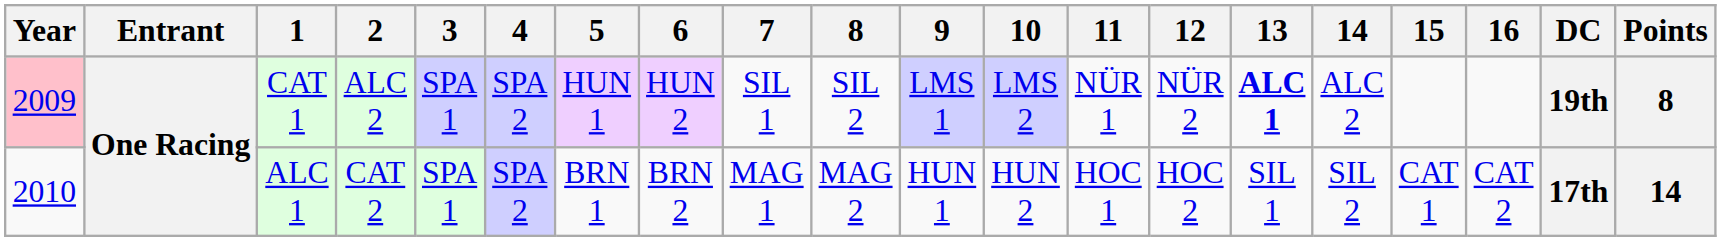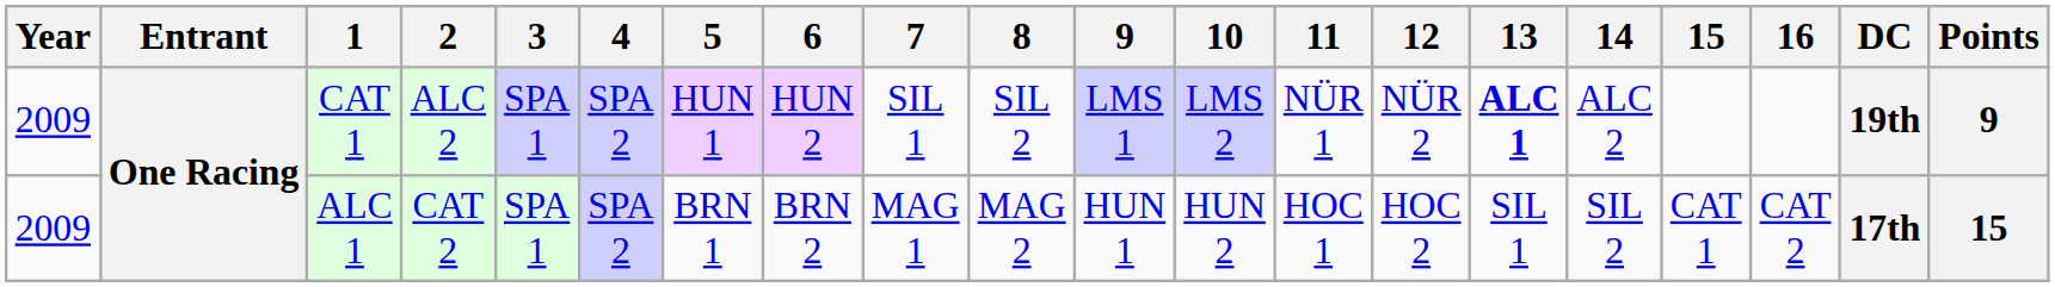 <table class="wikitable" style="text-align:center; font-size:85%">
 <tr>
 <th>Year</th>
 <th>Entrant</th>
 <th>1</th>
 <th>2</th>
 <th>3</th>
 <th>4</th>
 <th>5</th>
 <th>6</th>
 <th>7</th>
 <th>8</th>
 <th>9</th>
 <th>10</th>
 <th>11</th>
 <th>12</th>
 <th>13</th>
 <th>14</th>
 <th>15</th>
 <th>16</th>
 <th>DC</th>
 <th>Points</th>
 </tr>
 <tr>
-<td style="background: pink;"><a href='#'>2009</a></td>
+<td><a href='#'>2009</a></td>
 <th rowspan="2">One Racing</th>
 <td style="background:#dfffdf;"><a href='#'>CAT<br>1</a><br></td>
 <td style="background:#dfffdf;"><a href='#'>ALC<br>2</a><br></td>
 <td style="background:#cfcfff;"><a href='#'>SPA<br>1</a><br></td>
 <td style="background:#cfcfff;"><a href='#'>SPA<br>2</a><br></td>
 <td style="background:#efcfff;"><a href='#'>HUN<br>1</a><br></td>
 <td style="background:#efcfff;"><a href='#'>HUN<br>2</a><br></td>
 <td style="background:#;"><a href='#'>SIL<br>1</a><br></td>
 <td style="background:#;"><a href='#'>SIL<br>2</a><br></td>
 <td style="background:#cfcfff;"><a href='#'>LMS<br>1</a><br></td>
 <td style="background:#cfcfff;"><a href='#'>LMS<br>2</a><br></td>
 <td style="background:#;"><a href='#'>NÜR<br>1</a><br></td>
 <td style="background:#;"><a href='#'>NÜR<br>2</a><br></td>
 <td style="background:#;"><strong><a href='#'>ALC<br>1</a><br></strong></td>
 <td style="background:#;"><a href='#'>ALC<br>2</a><br></td>
 <td></td>
 <td></td>
 <th>19th</th>
-<th>8</th>
+<th>9</th>
 </tr>
 <tr>
-<td><a href='#'>2010</a></td>
+<td><a href='#'>2009</a></td>
 <td style="background:#dfffdf;"><a href='#'>ALC<br>1</a><br></td>
 <td style="background:#dfffdf;"><a href='#'>CAT<br>2</a><br></td>
 <td style="background:#dfffdf;"><a href='#'>SPA<br>1</a><br></td>
 <td style="background:#cfcfff;"><a href='#'>SPA<br>2</a><br></td>
 <td style="background:#;"><a href='#'>BRN<br>1</a><br></td>
 <td style="background:#;"><a href='#'>BRN<br>2</a><br></td>
 <td style="background:#;"><a href='#'>MAG<br>1</a><br></td>
 <td style="background:#;"><a href='#'>MAG<br>2</a><br></td>
 <td style="background:#;"><a href='#'>HUN<br>1</a><br></td>
 <td style="background:#;"><a href='#'>HUN<br>2</a><br></td>
 <td style="background:#;"><a href='#'>HOC<br>1</a><br></td>
 <td style="background:#;"><a href='#'>HOC<br>2</a><br></td>
 <td style="background:#;"><a href='#'>SIL<br>1</a><br></td>
 <td style="background:#;"><a href='#'>SIL<br>2</a><br></td>
 <td style="background:#;"><a href='#'>CAT<br>1</a><br></td>
 <td style="background:#;"><a href='#'>CAT<br>2</a><br></td>
 <th>17th</th>
-<th>14</th>
+<th>15</th>
 </tr>
 </table>
